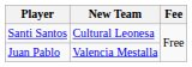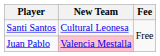 <table class="wikitable">
 <tr>
 <th>Player</th>
 <th>New Team</th>
 <th>Fee</th>
 </tr>
 <tr>
 <td> <a href='#'>Santi Santos</a></td>
 <td> <a href='#'>Cultural Leonesa</a></td>
 <td rowspan="2">Free</td>
 </tr>
 <tr>
 <td> <a href='#'>Juan Pablo</a></td>
-<td> <a href='#'>Valencia Mestalla</a></td>
+<td style="background: pink;"> <a href='#'>Valencia Mestalla</a></td>
 </tr>
 </table>
